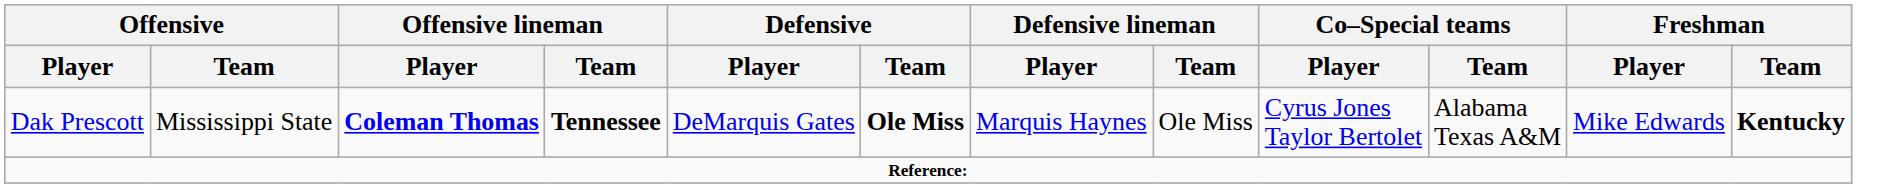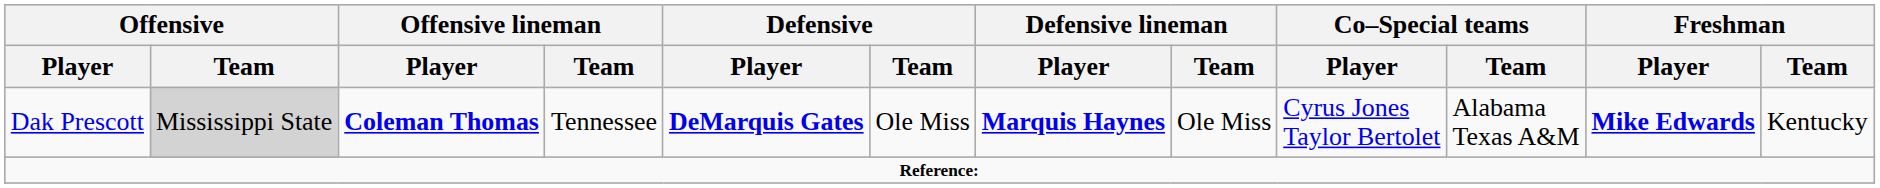 <table class="wikitable">
 <tr>
 <th colspan="2">Offensive</th>
 <th colspan="2">Offensive lineman</th>
 <th colspan="2">Defensive</th>
 <th colspan="2">Defensive lineman</th>
 <th colspan="2">Co–Special teams</th>
 <th colspan="2">Freshman</th>
 </tr>
 <tr>
 <th>Player</th>
 <th>Team</th>
 <th>Player</th>
 <th>Team</th>
 <th>Player</th>
 <th>Team</th>
 <th>Player</th>
 <th>Team</th>
 <th>Player</th>
 <th>Team</th>
 <th>Player</th>
 <th>Team</th>
 </tr>
 <tr>
 <td><a href='#'>Dak Prescott</a></td>
-<td>Mississippi State</td>
+<td style="background: lightgrey;">Mississippi State</td>
 <td><strong><a href='#'>Coleman Thomas</a></strong></td>
-<td><strong>Tennessee</strong></td>
-<td><a href='#'>DeMarquis Gates</a></td>
-<td><strong>Ole Miss</strong></td>
-<td><a href='#'>Marquis Haynes</a></td>
+<td>Tennessee</td>
+<td><strong><a href='#'>DeMarquis Gates</a></strong></td>
+<td>Ole Miss</td>
+<td><strong><a href='#'>Marquis Haynes</a></strong></td>
 <td>Ole Miss</td>
 <td><a href='#'>Cyrus Jones</a> <br> <a href='#'>Taylor Bertolet</a></td>
 <td>Alabama <br> Texas A&M</td>
-<td><a href='#'>Mike Edwards</a></td>
-<td><strong>Kentucky</strong></td>
+<td><strong><a href='#'>Mike Edwards</a></strong></td>
+<td>Kentucky</td>
 </tr>
 <tr>
 <td colspan="12"  style="font-size:8pt; text-align:center;"><strong>Reference:</strong></td>
 </tr>
 </table>
